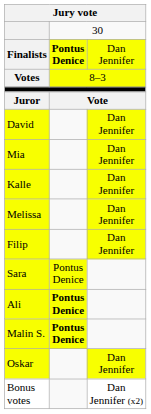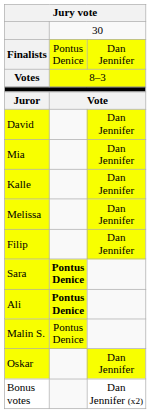 <table class="wikitable" style="text-align:center;">
 <tr>
 <th colspan=4>Jury vote</th>
 </tr>
 <tr>
 <th></th>
 <td colspan=3>30</td>
 </tr>
 <tr>
 <th>Finalists</th>
-<td style="background:#F8FF00;"><strong>Pontus<br>Denice</strong></td>
+<td style="background:#F8FF00;">Pontus<br>Denice</td>
 <td style="background:#F8FF00;">Dan<br>Jennifer</td>
 </tr>
 <tr>
 <th>Votes</th>
 <td colspan=2 style="background:#F8FF00;">8–3</td>
 </tr>
 <tr>
 <td colspan="3" bgcolor="black"></td>
 </tr>
 <tr>
 <th>Juror</th>
 <th colspan=3>Vote</th>
 </tr>
 <tr>
 <td style="background:#F8FF00; text-align:left;">David</td>
 <td></td>
 <td style="background:#F8FF00;">Dan<br>Jennifer</td>
 </tr>
 <tr>
 <td style="background:#F8FF00; text-align:left;">Mia</td>
 <td></td>
 <td style="background:#F8FF00;">Dan<br>Jennifer</td>
 </tr>
 <tr>
 <td style="background:#F8FF00; text-align:left;">Kalle</td>
 <td></td>
 <td style="background:#F8FF00;">Dan<br>Jennifer</td>
 </tr>
 <tr>
 <td style="background:#F8FF00; text-align:left;">Melissa</td>
 <td></td>
 <td style="background:#F8FF00;">Dan<br>Jennifer</td>
 </tr>
 <tr>
 <td style="background:#F8FF00; text-align:left;">Filip</td>
 <td></td>
 <td style="background:#F8FF00;">Dan<br>Jennifer</td>
 </tr>
 <tr>
 <td style="background:#F8FF00; text-align:left;">Sara</td>
-<td style="background:#F8FF00;">Pontus<br>Denice</td>
+<td style="background:#F8FF00;"><strong>Pontus<br>Denice</strong></td>
 <td></td>
 </tr>
 <tr>
 <td style="background:#F8FF00; text-align:left;">Ali</td>
 <td style="background:#F8FF00;"><strong>Pontus<br>Denice</strong></td>
 <td></td>
 </tr>
 <tr>
 <td style="background:#F8FF00; text-align:left;">Malin S.</td>
-<td style="background:#F8FF00;"><strong>Pontus<br>Denice</strong></td>
+<td style="background:#F8FF00;">Pontus<br>Denice</td>
 <td></td>
 </tr>
 <tr>
 <td style="background:#F8FF00; text-align:left;">Oskar</td>
 <td></td>
 <td style="background:#F8FF00;">Dan<br>Jennifer</td>
 </tr>
 <tr>
 <td style="background:white; text-align:left;">Bonus<br>votes</td>
 <td></td>
 <td style="background:white;">Dan<br>Jennifer <small>(x2)</small></td>
 </tr>
 </table>
